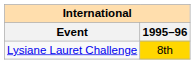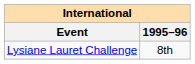 <table class="wikitable" style="text-align:center">
 <tr>
 <th style="background-color: #ffdead; " colspan=2 align=center>International</th>
 </tr>
 <tr>
 <th>Event</th>
 <th>1995–96</th>
 </tr>
 <tr>
 <td align=left><a href='#'>Lysiane Lauret Challenge</a></td>
-<td style="background: gold;">8th</td>
+<td>8th</td>
 </tr>
 </table>
